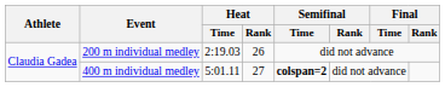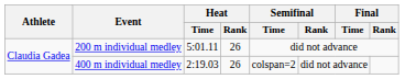 <table class="wikitable" style="text-align:center; font-size:90%">
 <tr>
 <th rowspan="2">Athlete</th>
 <th rowspan="2">Event</th>
 <th colspan="2">Heat</th>
 <th colspan="2">Semifinal</th>
 <th colspan="2">Final</th>
 </tr>
 <tr style="font-size:95%">
 <th>Time</th>
 <th>Rank</th>
 <th>Time</th>
 <th>Rank</th>
 <th>Time</th>
 <th>Rank</th>
 </tr>
 <tr>
 <td align=left rowspan=2><a href='#'>Claudia Gadea</a></td>
 <td align=left><a href='#'>200 m individual medley</a></td>
-<td>2:19.03</td>
+<td>5:01.11</td>
 <td>26</td>
 <td colspan=4>did not advance</td>
 </tr>
 <tr>
 <td align=left><a href='#'>400 m individual medley</a></td>
-<td>5:01.11</td>
-<td>27</td>
-<td><strong>colspan=2 </strong></td>
+<td>2:19.03</td>
+<td>26</td>
+<td>colspan=2 </td>
 <td colspan=2>did not advance</td>
 </tr>
 </table>
